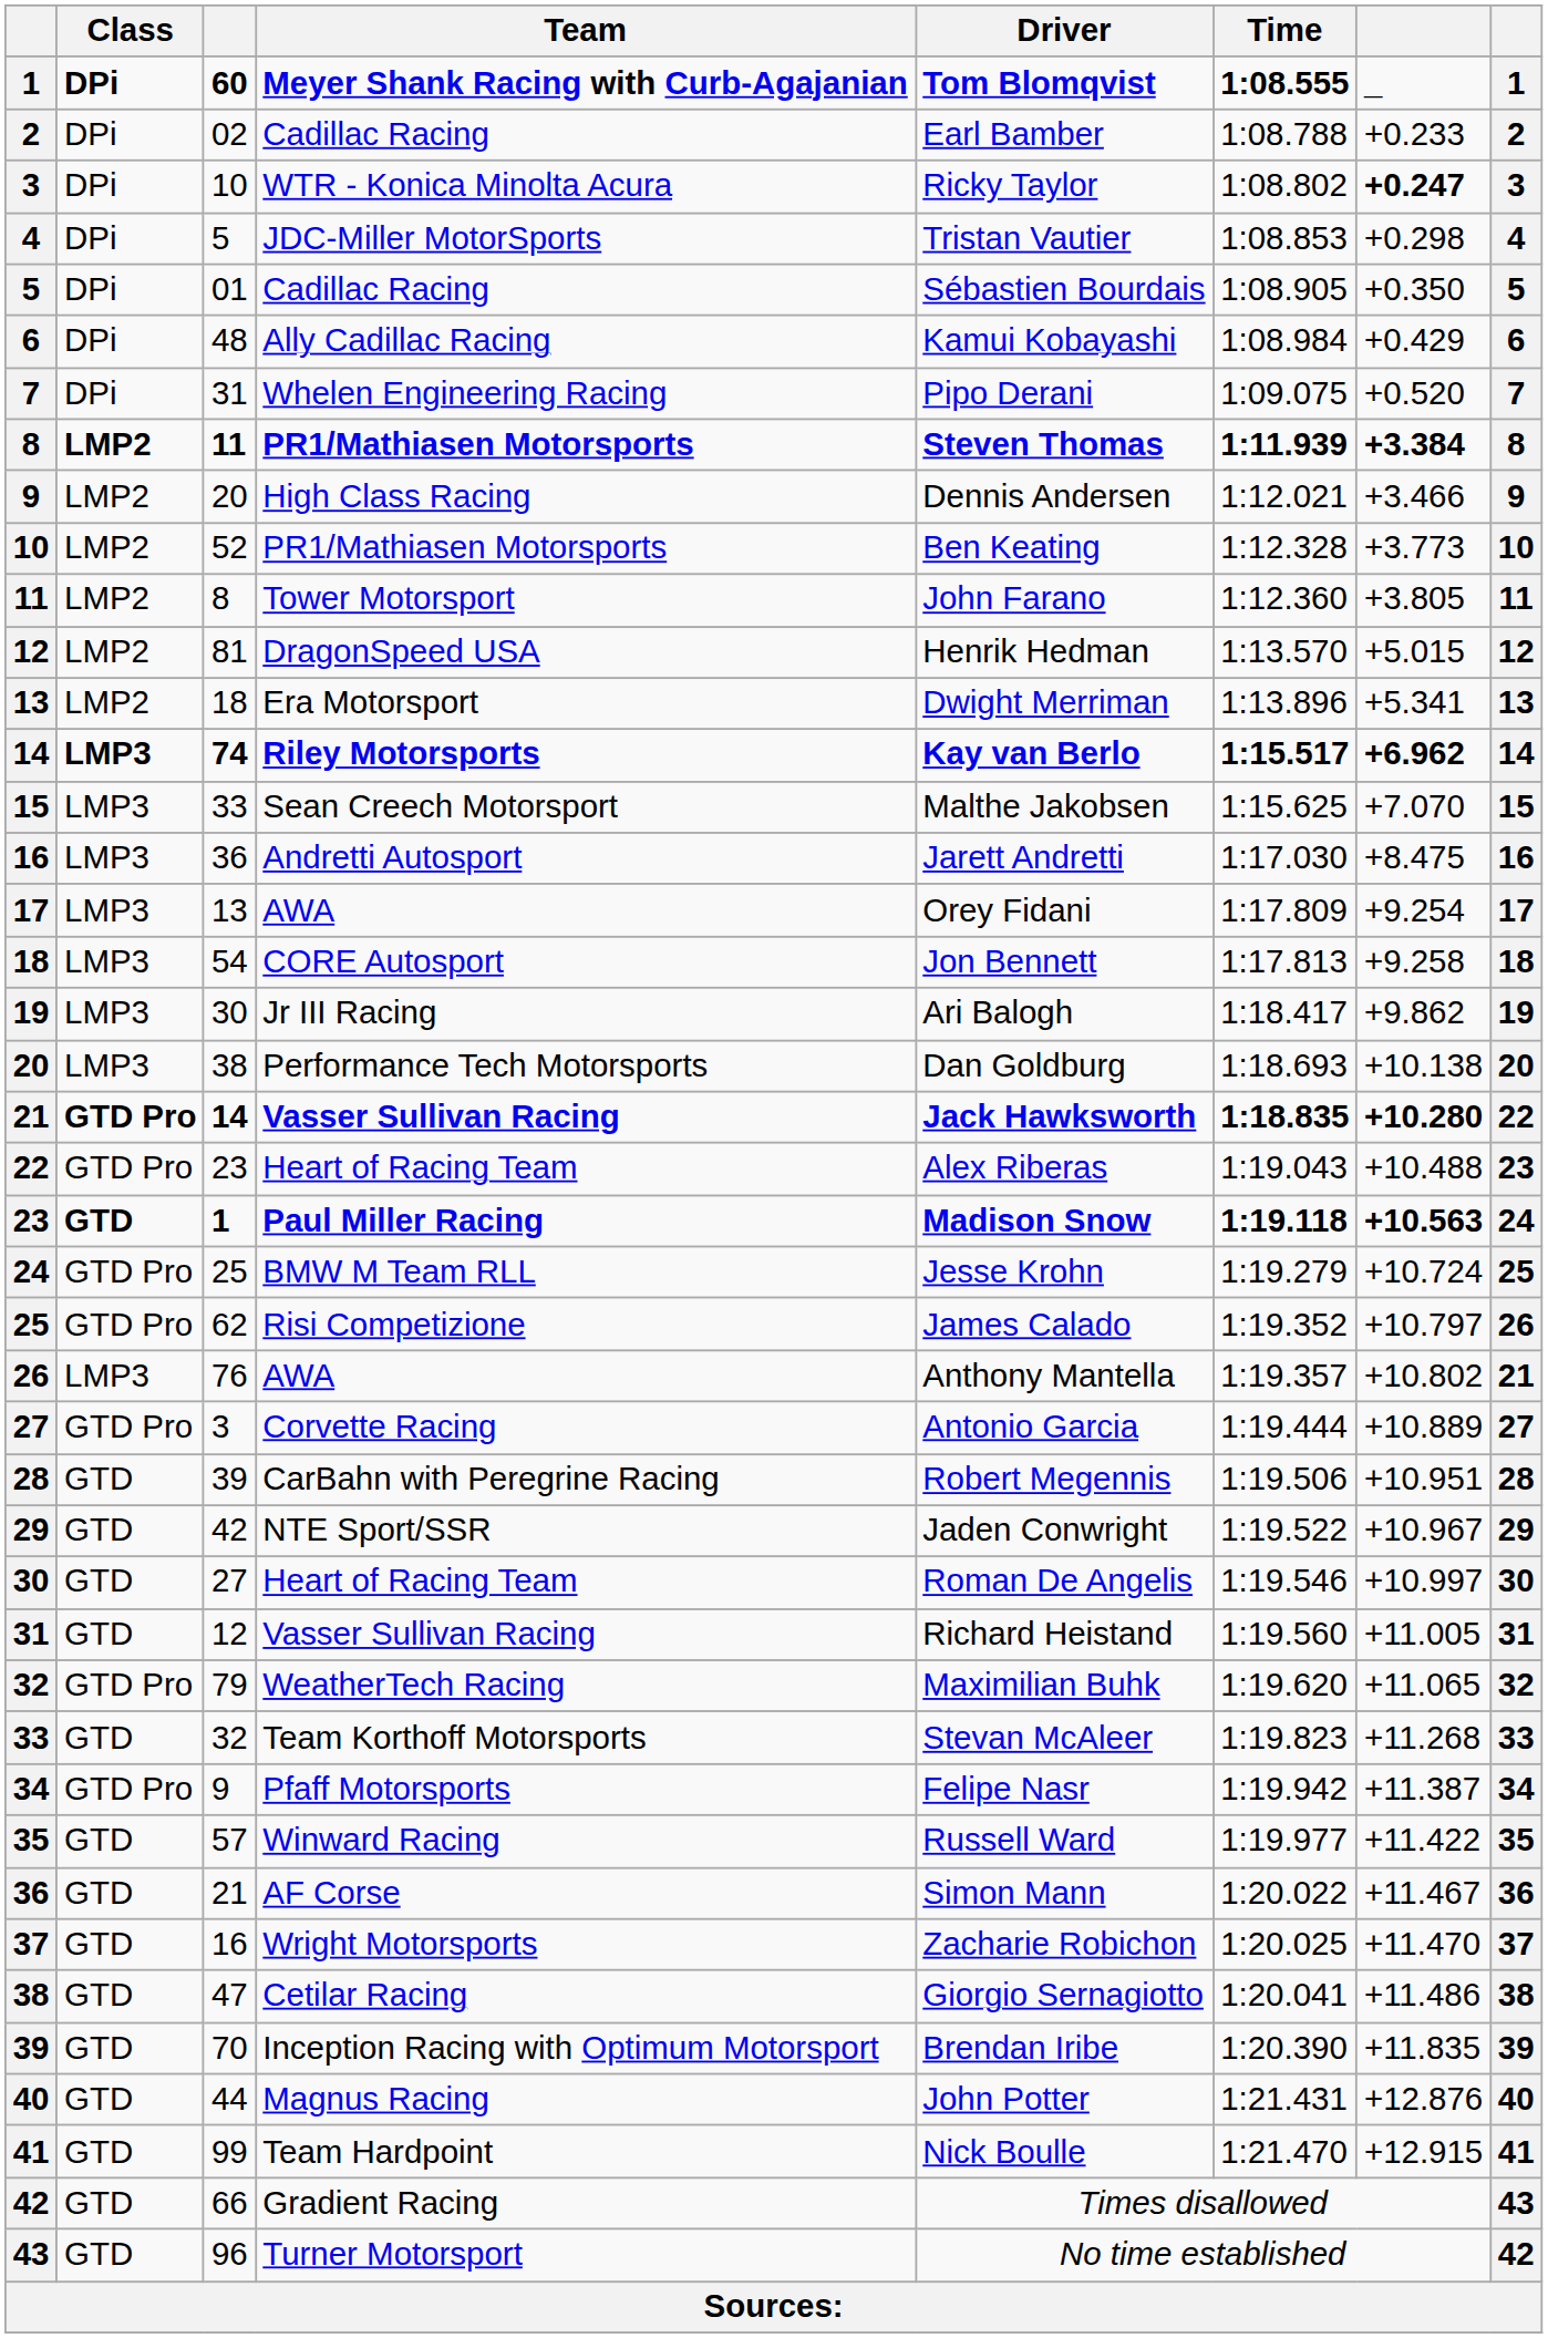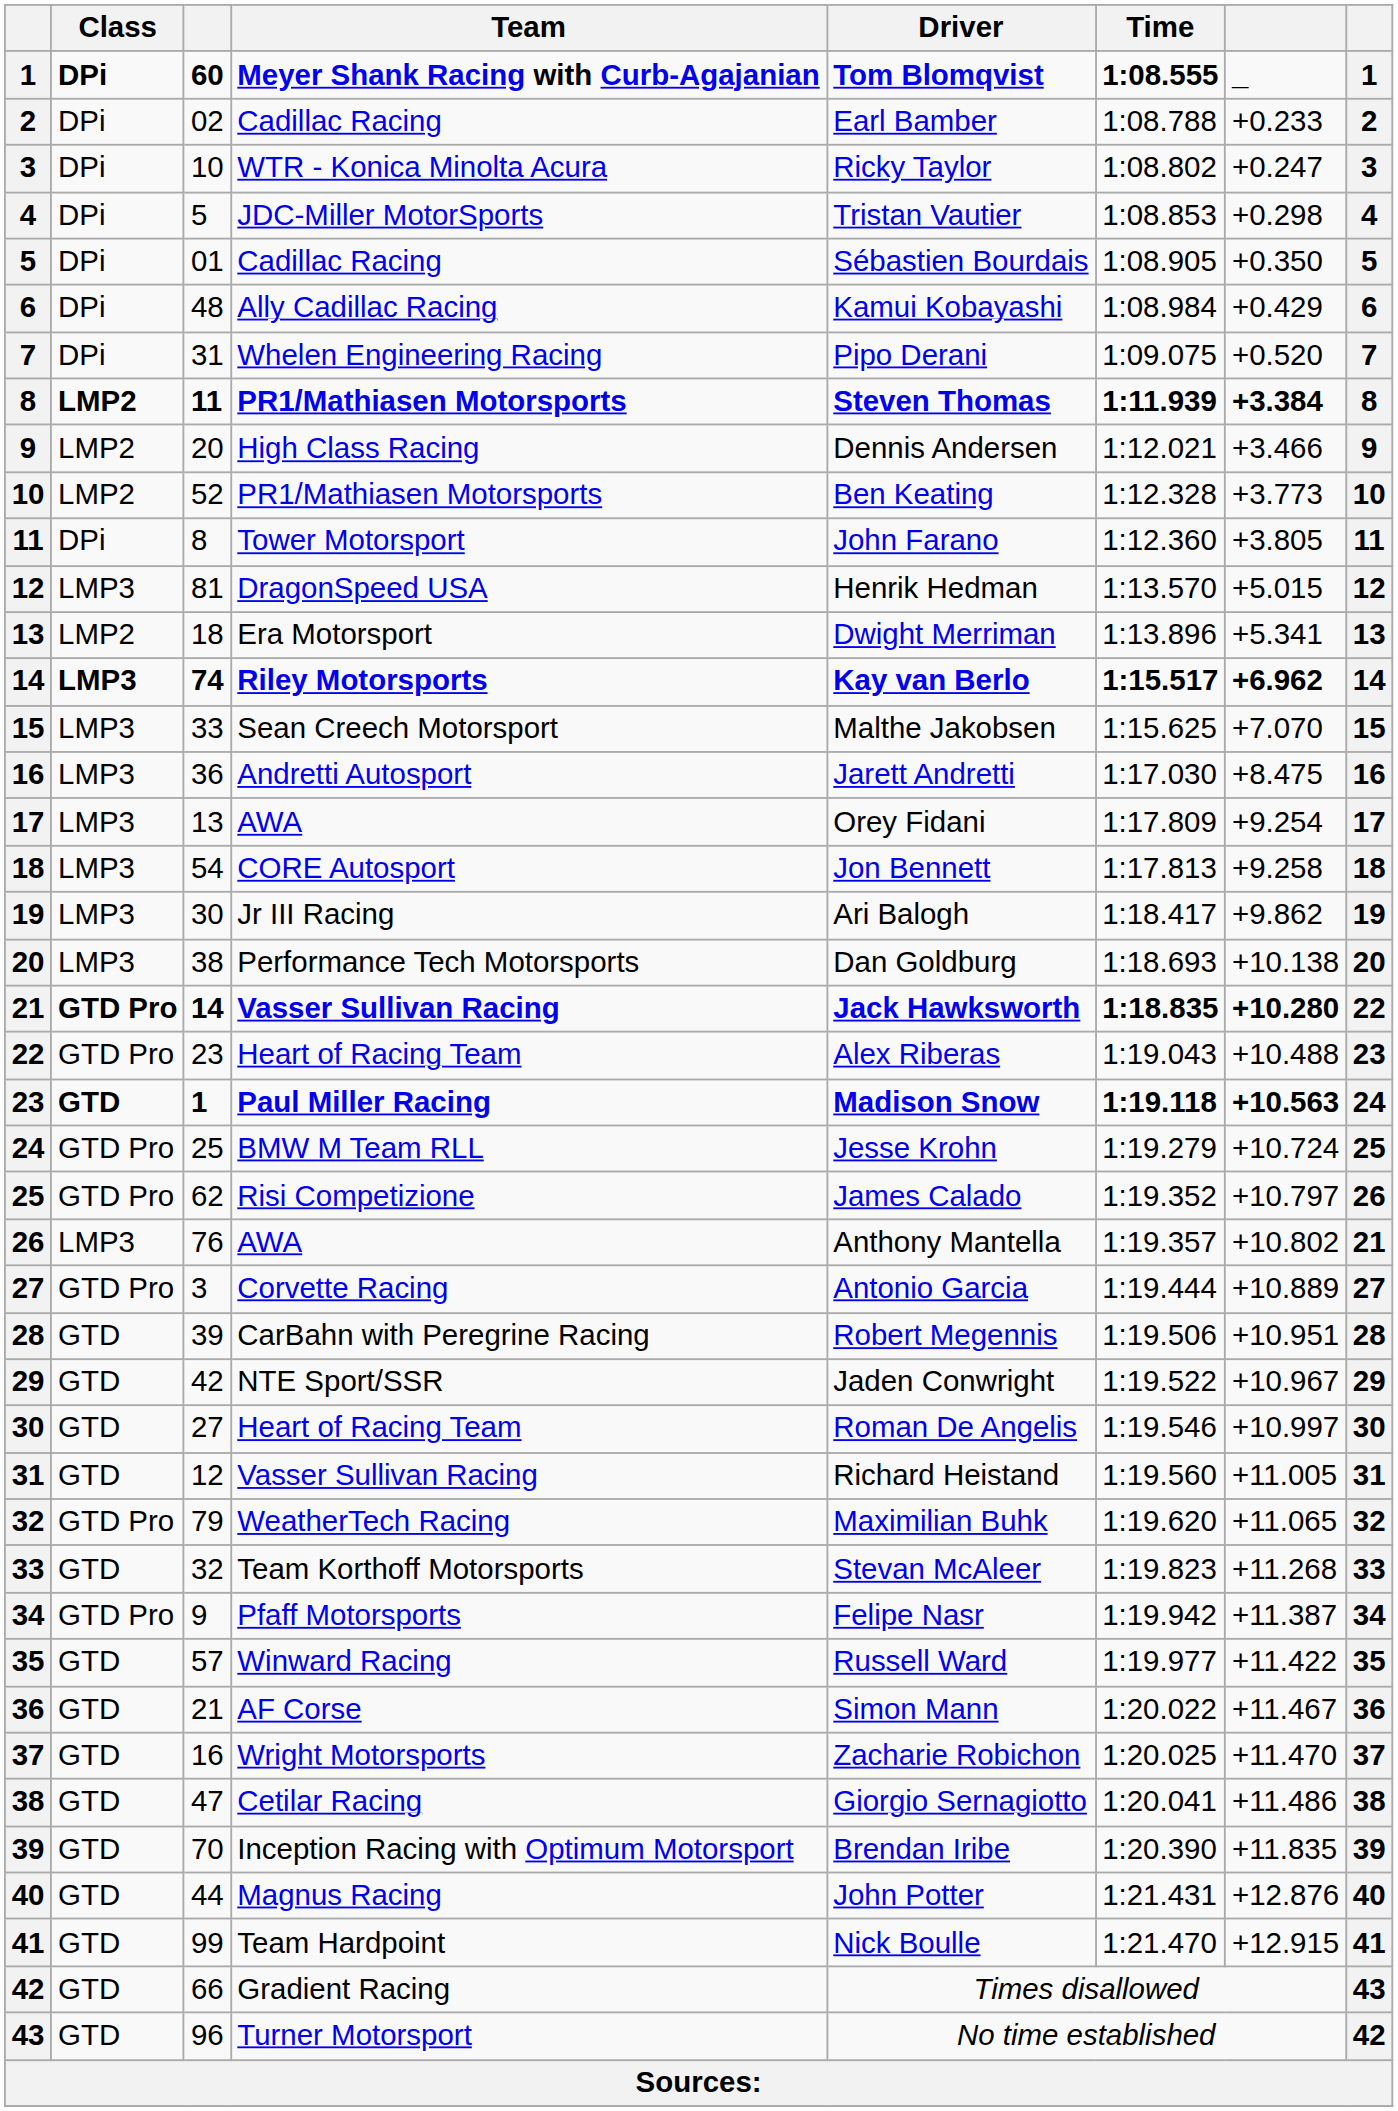 <table class="wikitable">
 <tr>
 <th scope="col"></th>
 <th scope="col">Class</th>
 <th scope="col"></th>
 <th scope="col">Team</th>
 <th scope="col">Driver</th>
 <th scope="col">Time</th>
 <th scope="col"></th>
 <th scope="col"></th>
 </tr>
 <tr style="font-weight:bold">
 <th scope="row">1</th>
 <td>DPi</td>
 <td>60</td>
 <td> <a href='#'>Meyer Shank Racing</a> with <a href='#'>Curb-Agajanian</a></td>
 <td> <a href='#'>Tom Blomqvist</a></td>
 <td>1:08.555</td>
 <td>_</td>
 <th><strong>1</strong></th>
 </tr>
 <tr>
 <th scope="row">2</th>
 <td>DPi</td>
 <td>02</td>
 <td> <a href='#'>Cadillac Racing</a></td>
 <td> <a href='#'>Earl Bamber</a></td>
 <td>1:08.788</td>
 <td>+0.233</td>
 <th>2</th>
 </tr>
 <tr>
 <th scope="row">3</th>
 <td>DPi</td>
 <td>10</td>
 <td> <a href='#'>WTR - Konica Minolta Acura</a></td>
 <td> <a href='#'>Ricky Taylor</a></td>
 <td>1:08.802</td>
-<td><strong>+0.247</strong></td>
+<td>+0.247</td>
 <th>3</th>
 </tr>
 <tr>
 <th scope="row">4</th>
 <td>DPi</td>
 <td>5</td>
 <td> <a href='#'>JDC-Miller MotorSports</a></td>
 <td> <a href='#'>Tristan Vautier</a></td>
 <td>1:08.853</td>
 <td>+0.298</td>
 <th>4</th>
 </tr>
 <tr>
 <th scope="row">5</th>
 <td>DPi</td>
 <td>01</td>
 <td> <a href='#'>Cadillac Racing</a></td>
 <td> <a href='#'>Sébastien Bourdais</a></td>
 <td>1:08.905</td>
 <td>+0.350</td>
 <th>5</th>
 </tr>
 <tr>
 <th scope="row">6</th>
 <td>DPi</td>
 <td>48</td>
 <td> <a href='#'>Ally Cadillac Racing</a></td>
 <td> <a href='#'>Kamui Kobayashi</a></td>
 <td>1:08.984</td>
 <td>+0.429</td>
 <th>6</th>
 </tr>
 <tr>
 <th scope="row">7</th>
 <td>DPi</td>
 <td>31</td>
 <td> <a href='#'>Whelen Engineering Racing</a></td>
 <td> <a href='#'>Pipo Derani</a></td>
 <td>1:09.075</td>
 <td>+0.520</td>
 <th>7</th>
 </tr>
 <tr style="font-weight:bold">
 <th scope="row">8</th>
 <td>LMP2</td>
 <td>11</td>
 <td> <a href='#'>PR1/Mathiasen Motorsports</a></td>
 <td> <a href='#'>Steven Thomas</a></td>
 <td>1:11.939</td>
 <td>+3.384</td>
 <th><strong>8</strong></th>
 </tr>
 <tr>
 <th scope="row">9</th>
 <td>LMP2</td>
 <td>20</td>
 <td> <a href='#'>High Class Racing</a></td>
 <td> Dennis Andersen</td>
 <td>1:12.021</td>
 <td>+3.466</td>
 <th>9</th>
 </tr>
 <tr>
 <th scope="row">10</th>
 <td>LMP2</td>
 <td>52</td>
 <td> <a href='#'>PR1/Mathiasen Motorsports</a></td>
 <td> <a href='#'>Ben Keating</a></td>
 <td>1:12.328</td>
 <td>+3.773</td>
 <th>10</th>
 </tr>
 <tr>
 <th scope="row">11</th>
-<td>LMP2</td>
+<td>DPi</td>
 <td>8</td>
 <td> <a href='#'>Tower Motorsport</a></td>
 <td> <a href='#'>John Farano</a></td>
 <td>1:12.360</td>
 <td>+3.805</td>
 <th>11</th>
 </tr>
 <tr>
 <th scope="row">12</th>
-<td>LMP2</td>
+<td>LMP3</td>
 <td>81</td>
 <td> <a href='#'>DragonSpeed USA</a></td>
 <td> Henrik Hedman</td>
 <td>1:13.570</td>
 <td>+5.015</td>
 <th>12</th>
 </tr>
 <tr>
 <th scope="row">13</th>
 <td>LMP2</td>
 <td>18</td>
 <td> Era Motorsport</td>
 <td> <a href='#'>Dwight Merriman</a></td>
 <td>1:13.896</td>
 <td>+5.341</td>
 <th>13</th>
 </tr>
 <tr style="font-weight:bold">
 <th scope="row">14</th>
 <td>LMP3</td>
 <td>74</td>
 <td> <a href='#'>Riley Motorsports</a></td>
 <td> <a href='#'>Kay van Berlo</a></td>
 <td>1:15.517</td>
 <td>+6.962</td>
 <th><strong>14</strong></th>
 </tr>
 <tr>
 <th scope="row">15</th>
 <td>LMP3</td>
 <td>33</td>
 <td> Sean Creech Motorsport</td>
 <td> Malthe Jakobsen</td>
 <td>1:15.625</td>
 <td>+7.070</td>
 <th>15</th>
 </tr>
 <tr>
 <th scope="row">16</th>
 <td>LMP3</td>
 <td>36</td>
 <td> <a href='#'>Andretti Autosport</a></td>
 <td> <a href='#'>Jarett Andretti</a></td>
 <td>1:17.030</td>
 <td>+8.475</td>
 <th>16</th>
 </tr>
 <tr>
 <th scope="row">17</th>
 <td>LMP3</td>
 <td>13</td>
 <td> <a href='#'>AWA</a></td>
 <td> Orey Fidani</td>
 <td>1:17.809</td>
 <td>+9.254</td>
 <th>17</th>
 </tr>
 <tr>
 <th scope="row">18</th>
 <td>LMP3</td>
 <td>54</td>
 <td> <a href='#'>CORE Autosport</a></td>
 <td> <a href='#'>Jon Bennett</a></td>
 <td>1:17.813</td>
 <td>+9.258</td>
 <th>18</th>
 </tr>
 <tr>
 <th scope="row">19</th>
 <td>LMP3</td>
 <td>30</td>
 <td> Jr III Racing</td>
 <td> Ari Balogh</td>
 <td>1:18.417</td>
 <td>+9.862</td>
 <th>19</th>
 </tr>
 <tr>
 <th scope="row">20</th>
 <td>LMP3</td>
 <td>38</td>
 <td> Performance Tech Motorsports</td>
 <td> Dan Goldburg</td>
 <td>1:18.693</td>
 <td>+10.138</td>
 <th>20</th>
 </tr>
 <tr style="font-weight:bold">
 <th scope="row">21</th>
 <td>GTD Pro</td>
 <td>14</td>
 <td> <a href='#'>Vasser Sullivan Racing</a></td>
 <td> <a href='#'>Jack Hawksworth</a></td>
 <td>1:18.835</td>
 <td>+10.280</td>
 <th><strong>22</strong></th>
 </tr>
 <tr>
 <th scope="row">22</th>
 <td>GTD Pro</td>
 <td>23</td>
 <td> <a href='#'>Heart of Racing Team</a></td>
 <td> <a href='#'>Alex Riberas</a></td>
 <td>1:19.043</td>
 <td>+10.488</td>
 <th>23</th>
 </tr>
 <tr style="font-weight:bold">
 <th scope="row">23</th>
 <td>GTD</td>
 <td>1</td>
 <td> <a href='#'>Paul Miller Racing</a></td>
 <td> <a href='#'>Madison Snow</a></td>
 <td>1:19.118</td>
 <td>+10.563</td>
 <th><strong>24</strong></th>
 </tr>
 <tr>
 <th scope="row">24</th>
 <td>GTD Pro</td>
 <td>25</td>
 <td> <a href='#'>BMW M Team RLL</a></td>
 <td> <a href='#'>Jesse Krohn</a></td>
 <td>1:19.279</td>
 <td>+10.724</td>
 <th>25</th>
 </tr>
 <tr>
 <th scope="row">25</th>
 <td>GTD Pro</td>
 <td>62</td>
 <td> <a href='#'>Risi Competizione</a></td>
 <td> <a href='#'>James Calado</a></td>
 <td>1:19.352</td>
 <td>+10.797</td>
 <th>26</th>
 </tr>
 <tr>
 <th scope="row">26</th>
 <td>LMP3</td>
 <td>76</td>
 <td> <a href='#'>AWA</a></td>
 <td> Anthony Mantella</td>
 <td>1:19.357</td>
 <td>+10.802</td>
 <th>21</th>
 </tr>
 <tr>
 <th scope="row">27</th>
 <td>GTD Pro</td>
 <td>3</td>
 <td> <a href='#'>Corvette Racing</a></td>
 <td> <a href='#'>Antonio Garcia</a></td>
 <td>1:19.444</td>
 <td>+10.889</td>
 <th>27</th>
 </tr>
 <tr>
 <th scope="row">28</th>
 <td>GTD</td>
 <td>39</td>
 <td> CarBahn with Peregrine Racing</td>
 <td> <a href='#'>Robert Megennis</a></td>
 <td>1:19.506</td>
 <td>+10.951</td>
 <th>28</th>
 </tr>
 <tr>
 <th scope="row">29</th>
 <td>GTD</td>
 <td>42</td>
 <td> NTE Sport/SSR</td>
 <td> Jaden Conwright</td>
 <td>1:19.522</td>
 <td>+10.967</td>
 <th>29</th>
 </tr>
 <tr>
 <th scope="row">30</th>
 <td>GTD</td>
 <td>27</td>
 <td> <a href='#'>Heart of Racing Team</a></td>
 <td> <a href='#'>Roman De Angelis</a></td>
 <td>1:19.546</td>
 <td>+10.997</td>
 <th>30</th>
 </tr>
 <tr>
 <th scope="row">31</th>
 <td>GTD</td>
 <td>12</td>
 <td> <a href='#'>Vasser Sullivan Racing</a></td>
 <td> Richard Heistand</td>
 <td>1:19.560</td>
 <td>+11.005</td>
 <th>31</th>
 </tr>
 <tr>
 <th scope="row">32</th>
 <td>GTD Pro</td>
 <td>79</td>
 <td> <a href='#'>WeatherTech Racing</a></td>
 <td> <a href='#'>Maximilian Buhk</a></td>
 <td>1:19.620</td>
 <td>+11.065</td>
 <th>32</th>
 </tr>
 <tr>
 <th scope="row">33</th>
 <td>GTD</td>
 <td>32</td>
 <td> Team Korthoff Motorsports</td>
 <td> <a href='#'>Stevan McAleer</a></td>
 <td>1:19.823</td>
 <td>+11.268</td>
 <th>33</th>
 </tr>
 <tr>
 <th scope="row">34</th>
 <td>GTD Pro</td>
 <td>9</td>
 <td> <a href='#'>Pfaff Motorsports</a></td>
 <td> <a href='#'>Felipe Nasr</a></td>
 <td>1:19.942</td>
 <td>+11.387</td>
 <th>34</th>
 </tr>
 <tr>
 <th scope="row">35</th>
 <td>GTD</td>
 <td>57</td>
 <td> <a href='#'>Winward Racing</a></td>
 <td> <a href='#'>Russell Ward</a></td>
 <td>1:19.977</td>
 <td>+11.422</td>
 <th>35</th>
 </tr>
 <tr>
 <th scope="row">36</th>
 <td>GTD</td>
 <td>21</td>
 <td> <a href='#'>AF Corse</a></td>
 <td> <a href='#'>Simon Mann</a></td>
 <td>1:20.022</td>
 <td>+11.467</td>
 <th>36</th>
 </tr>
 <tr>
 <th scope="row">37</th>
 <td>GTD</td>
 <td>16</td>
 <td> <a href='#'>Wright Motorsports</a></td>
 <td> <a href='#'>Zacharie Robichon</a></td>
 <td>1:20.025</td>
 <td>+11.470</td>
 <th>37</th>
 </tr>
 <tr>
 <th scope="row">38</th>
 <td>GTD</td>
 <td>47</td>
 <td> <a href='#'>Cetilar Racing</a></td>
 <td> <a href='#'>Giorgio Sernagiotto</a></td>
 <td>1:20.041</td>
 <td>+11.486</td>
 <th>38</th>
 </tr>
 <tr>
 <th scope="row">39</th>
 <td>GTD</td>
 <td>70</td>
 <td> Inception Racing with <a href='#'>Optimum Motorsport</a></td>
 <td> <a href='#'>Brendan Iribe</a></td>
 <td>1:20.390</td>
 <td>+11.835</td>
 <th>39</th>
 </tr>
 <tr>
 <th scope="row">40</th>
 <td>GTD</td>
 <td>44</td>
 <td> <a href='#'>Magnus Racing</a></td>
 <td> <a href='#'>John Potter</a></td>
 <td>1:21.431</td>
 <td>+12.876</td>
 <th>40</th>
 </tr>
 <tr>
 <th scope="row">41</th>
 <td>GTD</td>
 <td>99</td>
 <td> Team Hardpoint</td>
 <td> <a href='#'>Nick Boulle</a></td>
 <td>1:21.470</td>
 <td>+12.915</td>
 <th>41</th>
 </tr>
 <tr>
 <th scope="row">42</th>
 <td>GTD</td>
 <td>66</td>
 <td> Gradient Racing</td>
 <td colspan=3 align=center><em>Times disallowed</em></td>
 <th>43</th>
 </tr>
 <tr>
 <th scope="row">43</th>
 <td>GTD</td>
 <td>96</td>
 <td> <a href='#'>Turner Motorsport</a></td>
 <td colspan=3 align=center><em>No time established</em></td>
 <th>42</th>
 </tr>
 <tr>
 <th colspan="8">Sources:</th>
 </tr>
 <tr>
 </tr>
 </table>
